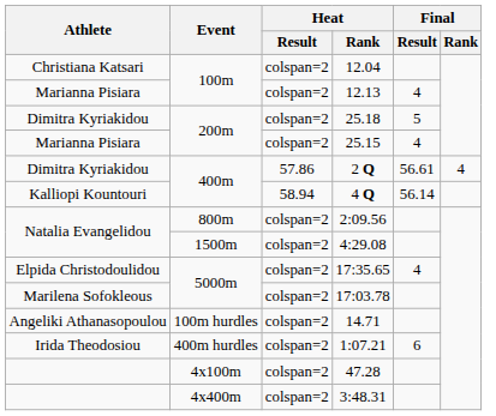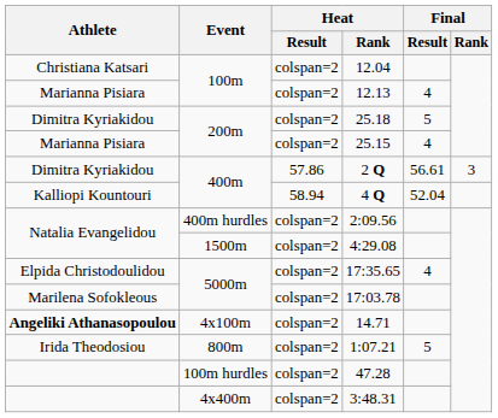 <table class="wikitable" style="font-size:90%">
 <tr>
 <th rowspan="2">Athlete</th>
 <th rowspan="2">Event</th>
 <th colspan="2">Heat</th>
 <th colspan="2">Final</th>
 </tr>
 <tr style="font-size:95%">
 <th>Result</th>
 <th>Rank</th>
 <th>Result</th>
 <th>Rank</th>
 </tr>
 <tr align=center>
 <td>Christiana Katsari</td>
 <td rowspan=2>100m</td>
 <td>colspan=2 </td>
 <td>12.04</td>
 <td></td>
 </tr>
 <tr align=center>
 <td>Marianna Pisiara</td>
 <td>colspan=2 </td>
 <td>12.13</td>
 <td>4</td>
 </tr>
 <tr align=center>
 <td>Dimitra Kyriakidou</td>
 <td rowspan=2>200m</td>
 <td>colspan=2 </td>
 <td>25.18</td>
 <td>5</td>
 </tr>
 <tr align=center>
 <td>Marianna Pisiara</td>
 <td>colspan=2 </td>
 <td>25.15</td>
 <td>4</td>
 </tr>
 <tr align=center>
 <td>Dimitra Kyriakidou</td>
 <td rowspan=2>400m</td>
 <td>57.86</td>
 <td>2 <strong>Q</strong></td>
 <td>56.61</td>
-<td>4</td>
+<td>3</td>
 </tr>
 <tr align=center>
 <td>Kalliopi Kountouri</td>
 <td>58.94</td>
 <td>4 <strong>Q</strong></td>
-<td>56.14</td>
+<td>52.04</td>
 <td></td>
 </tr>
 <tr align=center>
 <td rowspan=2>Natalia Evangelidou</td>
-<td>800m</td>
+<td>400m hurdles</td>
 <td>colspan=2 </td>
 <td>2:09.56</td>
 <td></td>
 </tr>
 <tr align=center>
 <td>1500m</td>
 <td>colspan=2 </td>
 <td>4:29.08</td>
 <td></td>
 </tr>
 <tr align=center>
 <td>Elpida Christodoulidou</td>
 <td rowspan=2>5000m</td>
 <td>colspan=2 </td>
 <td>17:35.65</td>
 <td>4</td>
 </tr>
 <tr align=center>
 <td>Marilena Sofokleous</td>
 <td>colspan=2 </td>
 <td>17:03.78</td>
 <td></td>
 </tr>
 <tr align=center>
-<td>Angeliki Athanasopoulou</td>
-<td>100m hurdles</td>
+<td><strong>Angeliki Athanasopoulou</strong></td>
+<td>4x100m</td>
 <td>colspan=2 </td>
 <td>14.71</td>
 <td></td>
 </tr>
 <tr align=center>
 <td>Irida Theodosiou</td>
-<td>400m hurdles</td>
+<td>800m</td>
 <td>colspan=2 </td>
 <td>1:07.21</td>
-<td>6</td>
+<td>5</td>
 </tr>
 <tr align=center>
 <td></td>
-<td>4x100m</td>
+<td>100m hurdles</td>
 <td>colspan=2 </td>
 <td>47.28</td>
 <td></td>
 </tr>
 <tr align=center>
 <td></td>
 <td>4x400m</td>
 <td>colspan=2 </td>
 <td>3:48.31</td>
 <td></td>
 </tr>
 </table>
